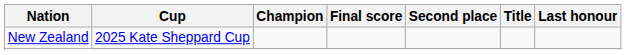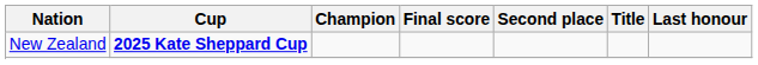 <table class="wikitable" style="font-size:14px">
 <tr>
 <th>Nation</th>
 <th>Cup</th>
 <th>Champion</th>
 <th>Final score</th>
 <th>Second place</th>
 <th data-sort-type="number">Title</th>
 <th>Last honour</th>
 </tr>
 <tr>
 <td rowspan=2> <a href='#'>New Zealand</a></td>
-<td align="left"><a href='#'>2025 Kate Sheppard Cup</a></td>
+<td align="left"><strong><a href='#'>2025 Kate Sheppard Cup</a></strong></td>
 <td></td>
 <td></td>
 <td></td>
 <td></td>
 <td></td>
 </tr>
 <tr>
 </tr>
 </table>
